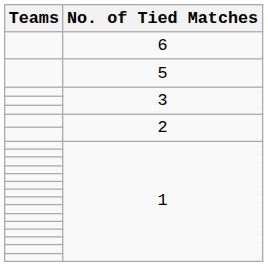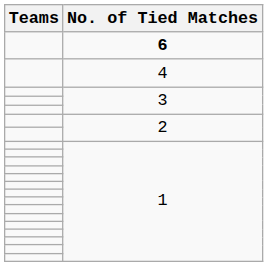 <table class="wikitable" style="text-align: center;">
 <tr>
 <th>Teams</th>
 <th>No. of Tied Matches</th>
 </tr>
 <tr>
 <td align=left></td>
-<td>6</td>
+<td><strong>6</strong></td>
 </tr>
 <tr>
 <td align=left></td>
-<td>5</td>
+<td>4</td>
 </tr>
 <tr>
 <td align=left></td>
 <td rowspan=3>3</td>
 </tr>
 <tr>
 <td align=left></td>
 </tr>
 <tr>
 <td align=left></td>
 </tr>
 <tr>
 <td align=left></td>
 <td rowspan=2>2</td>
 </tr>
 <tr>
 <td align=left></td>
 </tr>
 <tr>
 <td align=left></td>
 <td rowspan="15">1</td>
 </tr>
 <tr>
 <td align=left></td>
 </tr>
 <tr>
 <td align=left></td>
 </tr>
 <tr>
 <td align=left></td>
 </tr>
 <tr>
 <td align=left></td>
 </tr>
 <tr>
 <td align=left></td>
 </tr>
 <tr>
 <td align=left></td>
 </tr>
 <tr>
 <td align=left></td>
 </tr>
 <tr>
 <td align=left></td>
 </tr>
 <tr>
 <td align=left></td>
 </tr>
 <tr>
 <td align=left></td>
 </tr>
 <tr>
 <td align=left></td>
 </tr>
 <tr>
 <td align=left></td>
 </tr>
 <tr>
 <td align=left></td>
 </tr>
 <tr>
 <td align=left></td>
 </tr>
 </table>
